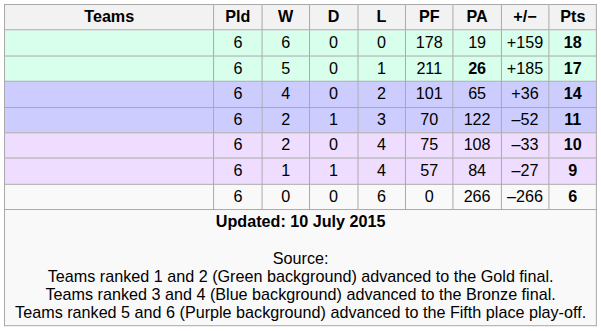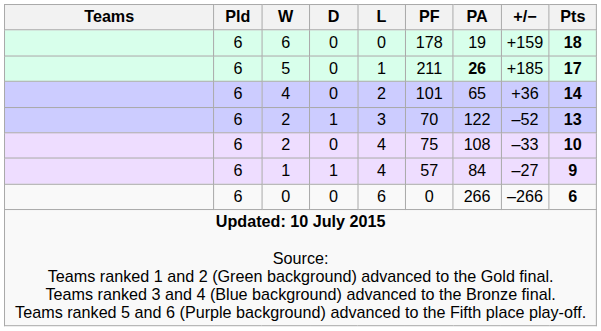 <table class="wikitable" style="text-align:center;">
 <tr>
 <th style="width:200px;">Teams</th>
 <th style="width:40px;">Pld</th>
 <th style="width:40px;">W</th>
 <th style="width:40px;">D</th>
 <th style="width:40px;">L</th>
 <th style="width:40px;">PF</th>
 <th style="width:40px;">PA</th>
 <th style="width:40px;">+/−</th>
 <th style="width:40px;">Pts</th>
 </tr>
 <tr style="background-color:#d8ffeb;">
 <td style="text-align:left;"></td>
 <td>6</td>
 <td>6</td>
 <td>0</td>
 <td>0</td>
 <td>178</td>
 <td>19</td>
 <td>+159</td>
 <td><strong>18</strong></td>
 </tr>
 <tr style="background-color:#d8ffeb;">
 <td style="text-align:left;"></td>
 <td>6</td>
 <td>5</td>
 <td>0</td>
 <td>1</td>
 <td>211</td>
 <td><strong>26</strong></td>
 <td>+185</td>
 <td><strong>17</strong></td>
 </tr>
 <tr style="background-color:#ccccff;">
 <td style="text-align:left;"></td>
 <td>6</td>
 <td>4</td>
 <td>0</td>
 <td>2</td>
 <td>101</td>
 <td>65</td>
 <td>+36</td>
 <td><strong>14</strong></td>
 </tr>
 <tr style="background-color:#ccccff;">
 <td style="text-align:left;"></td>
 <td>6</td>
 <td>2</td>
 <td>1</td>
 <td>3</td>
 <td>70</td>
 <td>122</td>
 <td>–52</td>
-<td><strong>11</strong></td>
+<td><strong>13</strong></td>
 </tr>
 <tr style="background-color:#eeddff;">
 <td style="text-align:left;"></td>
 <td>6</td>
 <td>2</td>
 <td>0</td>
 <td>4</td>
 <td>75</td>
 <td>108</td>
 <td>–33</td>
 <td><strong>10</strong></td>
 </tr>
 <tr style="background-color:#eeddff;">
 <td style="text-align:left;"></td>
 <td>6</td>
 <td>1</td>
 <td>1</td>
 <td>4</td>
 <td>57</td>
 <td>84</td>
 <td>–27</td>
 <td><strong>9</strong></td>
 </tr>
 <tr>
 <td style="text-align:left;"></td>
 <td>6</td>
 <td>0</td>
 <td>0</td>
 <td>6</td>
 <td>0</td>
 <td>266</td>
 <td>–266</td>
 <td><strong>6</strong></td>
 </tr>
 <tr style="background-color:#f9f9f9; text-align:center;">
 <td colspan="15" style="border:0px"><strong>Updated: 10 July 2015</strong> <br><br>Source:  <br>  Teams ranked 1 and 2 <span>(Green background)</span> advanced to the Gold final.<br>  Teams ranked 3 and 4 <span>(Blue background)</span> advanced to the Bronze final.<br>  Teams ranked 5 and 6 <span>(Purple background)</span> advanced to the Fifth place play-off.<br></td>
 </tr>
 </table>
